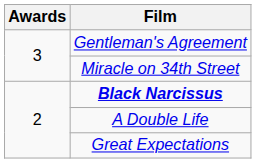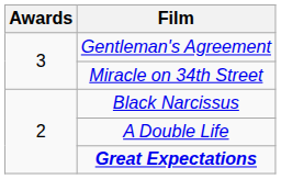 <table class="wikitable" rowspan="2" style="text-align:center;">
 <tr>
 <th scope="col" style="width:55px;">Awards</th>
 <th scope="col" style="text-align:center;">Film</th>
 </tr>
 <tr>
 <td rowspan=2, style="text-align:center">3</td>
 <td><em><a href='#'>Gentleman's Agreement</a></em></td>
 </tr>
 <tr>
 <td><em><a href='#'>Miracle on 34th Street</a></em></td>
 </tr>
 <tr>
 <td rowspan=3, style="text-align:center">2</td>
-<td><strong><em><a href='#'>Black Narcissus</a></em></strong></td>
+<td><em><a href='#'>Black Narcissus</a></em></td>
 </tr>
 <tr>
 <td><em><a href='#'>A Double Life</a></em></td>
 </tr>
 <tr>
-<td><em><a href='#'>Great Expectations</a></em></td>
+<td><strong><em><a href='#'>Great Expectations</a></em></strong></td>
 </tr>
 </table>
